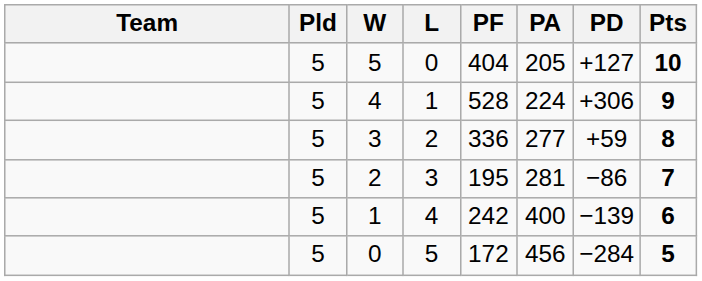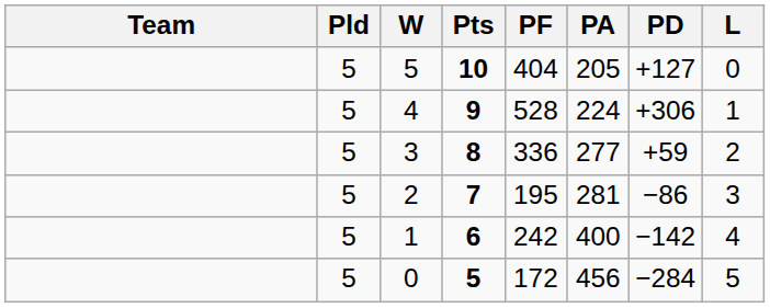 <table class=wikitable style="text-align:center">
 <tr>
 <th width=180>Team</th>
 <th width=30>Pld</th>
 <th width=30>W</th>
-<th width=30>L</th>
+<th width=30>Pts</th>
 <th width=30>PF</th>
 <th width=30>PA</th>
 <th width=30>PD</th>
-<th width=30>Pts</th>
+<th width=30>L</th>
 </tr>
 <tr>
 <td align=left></td>
 <td>5</td>
 <td>5</td>
-<td>0</td>
+<td><strong>10</strong></td>
 <td>404</td>
 <td>205</td>
 <td>+127</td>
-<td><strong>10</strong></td>
+<td>0</td>
 </tr>
 <tr>
 <td align=left></td>
 <td>5</td>
 <td>4</td>
-<td>1</td>
+<td><strong>9</strong></td>
 <td>528</td>
 <td>224</td>
 <td>+306</td>
-<td><strong>9</strong></td>
+<td>1</td>
 </tr>
 <tr>
 <td align=left></td>
 <td>5</td>
 <td>3</td>
-<td>2</td>
+<td><strong>8</strong></td>
 <td>336</td>
 <td>277</td>
 <td>+59</td>
-<td><strong>8</strong></td>
+<td>2</td>
 </tr>
 <tr>
 <td align=left></td>
 <td>5</td>
 <td>2</td>
-<td>3</td>
+<td><strong>7</strong></td>
 <td>195</td>
 <td>281</td>
 <td>−86</td>
-<td><strong>7</strong></td>
+<td>3</td>
 </tr>
 <tr>
 <td align=left></td>
 <td>5</td>
 <td>1</td>
-<td>4</td>
+<td><strong>6</strong></td>
 <td>242</td>
 <td>400</td>
-<td>−139</td>
-<td><strong>6</strong></td>
+<td>−142</td>
+<td>4</td>
 </tr>
 <tr>
 <td align=left></td>
 <td>5</td>
 <td>0</td>
-<td>5</td>
+<td><strong>5</strong></td>
 <td>172</td>
 <td>456</td>
 <td>−284</td>
-<td><strong>5</strong></td>
+<td>5</td>
 </tr>
 </table>
